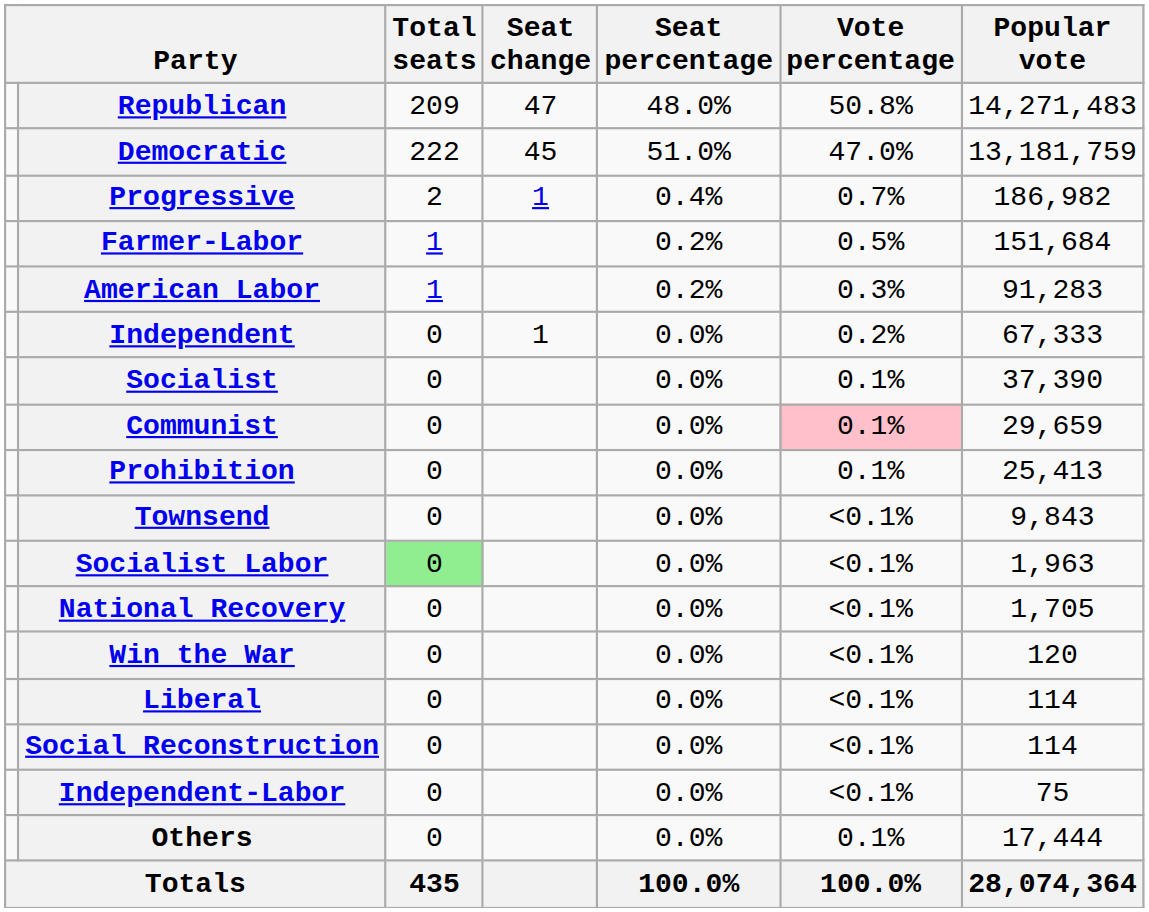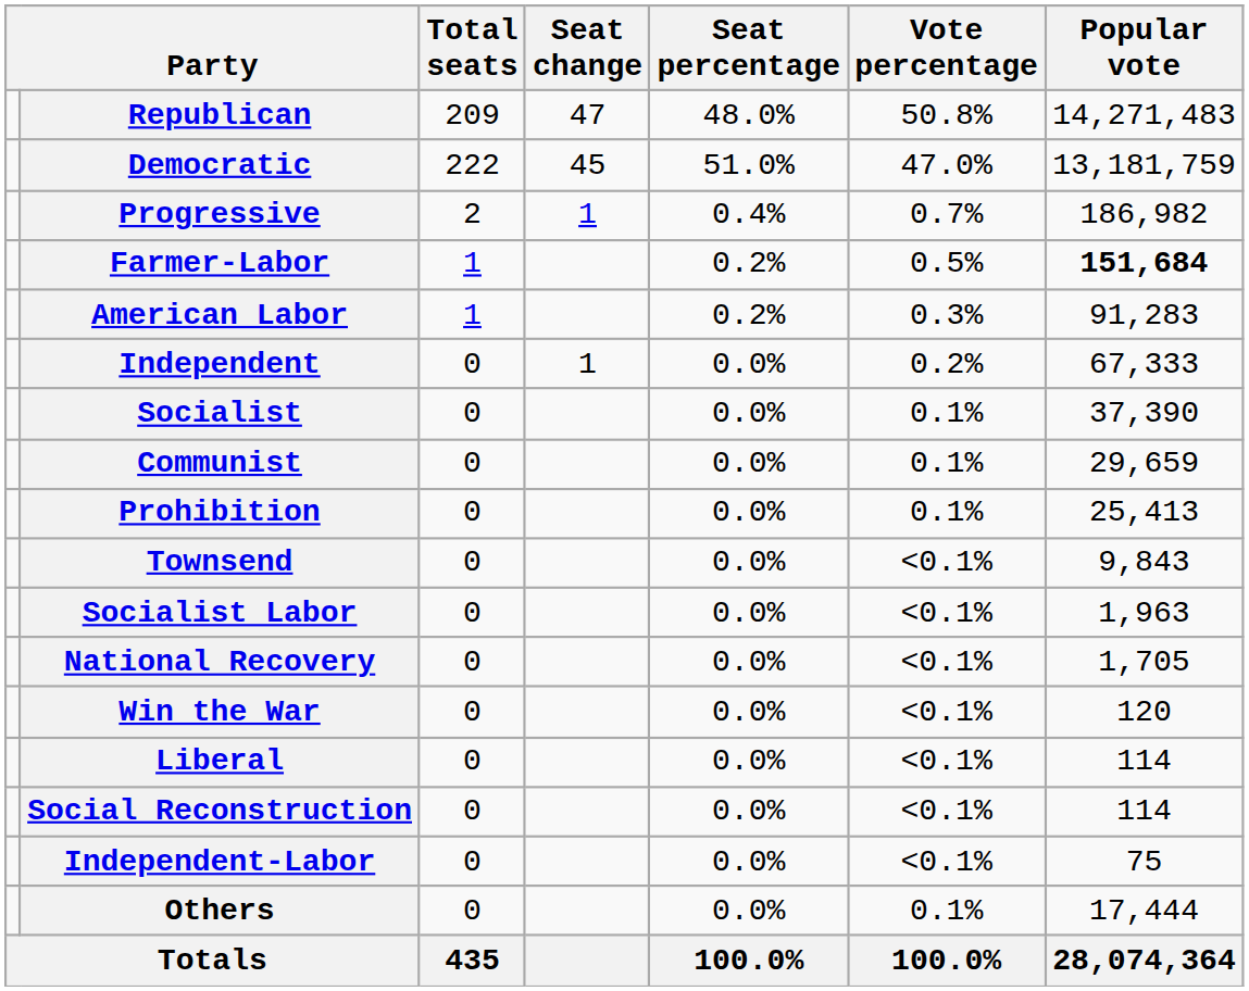 <table class="wikitable" style="text-align:center">
 <tr valign=bottom>
 <th colspan=2>Party</th>
 <th>Total<br>seats</th>
 <th>Seat<br>change</th>
 <th>Seat<br>percentage</th>
 <th>Vote<br>percentage</th>
 <th>Popular<br>vote</th>
 </tr>
 <tr>
 <td></td>
 <th><a href='#'>Republican</a></th>
 <td>209</td>
 <td> 47</td>
 <td>48.0%</td>
 <td>50.8%</td>
 <td>14,271,483</td>
 </tr>
 <tr>
 <td></td>
 <th><a href='#'>Democratic</a></th>
 <td>222</td>
 <td> 45</td>
 <td>51.0%</td>
 <td>47.0%</td>
 <td>13,181,759</td>
 </tr>
 <tr>
 <td></td>
 <th><a href='#'>Progressive</a></th>
 <td>2</td>
 <td> <a href='#'>1</a></td>
 <td>0.4%</td>
 <td>0.7%</td>
 <td>186,982</td>
 </tr>
 <tr>
 <td></td>
 <th><a href='#'>Farmer-Labor</a></th>
 <td><a href='#'>1</a></td>
 <td></td>
 <td>0.2%</td>
 <td>0.5%</td>
-<td>151,684</td>
+<td><strong>151,684</strong></td>
 </tr>
 <tr>
 <td></td>
 <th><a href='#'>American Labor</a></th>
 <td><a href='#'>1</a></td>
 <td></td>
 <td>0.2%</td>
 <td>0.3%</td>
 <td>91,283</td>
 </tr>
 <tr>
 <td></td>
 <th><a href='#'>Independent</a></th>
 <td>0</td>
 <td> 1</td>
 <td>0.0%</td>
 <td>0.2%</td>
 <td>67,333</td>
 </tr>
 <tr>
 <td></td>
 <th><a href='#'>Socialist</a></th>
 <td>0</td>
 <td></td>
 <td>0.0%</td>
 <td>0.1%</td>
 <td>37,390</td>
 </tr>
 <tr>
 <td></td>
 <th><a href='#'>Communist</a></th>
 <td>0</td>
 <td></td>
 <td>0.0%</td>
-<td style="background: pink;">0.1%</td>
+<td>0.1%</td>
 <td>29,659</td>
 </tr>
 <tr>
 <td></td>
 <th><a href='#'>Prohibition</a></th>
 <td>0</td>
 <td></td>
 <td>0.0%</td>
 <td>0.1%</td>
 <td>25,413</td>
 </tr>
 <tr>
 <td></td>
 <th><a href='#'>Townsend</a></th>
 <td>0</td>
 <td></td>
 <td>0.0%</td>
 <td><0.1%</td>
 <td>9,843</td>
 </tr>
 <tr>
 <td></td>
 <th><a href='#'>Socialist Labor</a></th>
-<td style="background: lightgreen;">0</td>
+<td>0</td>
 <td></td>
 <td>0.0%</td>
 <td><0.1%</td>
 <td>1,963</td>
 </tr>
 <tr>
 <td></td>
 <th><a href='#'>National Recovery</a></th>
 <td>0</td>
 <td></td>
 <td>0.0%</td>
 <td><0.1%</td>
 <td>1,705</td>
 </tr>
 <tr>
 <td></td>
 <th><a href='#'>Win the War</a></th>
 <td>0</td>
 <td></td>
 <td>0.0%</td>
 <td><0.1%</td>
 <td>120</td>
 </tr>
 <tr>
 <td></td>
 <th><a href='#'>Liberal</a></th>
 <td>0</td>
 <td></td>
 <td>0.0%</td>
 <td><0.1%</td>
 <td>114</td>
 </tr>
 <tr>
 <td></td>
 <th><a href='#'>Social Reconstruction</a></th>
 <td>0</td>
 <td></td>
 <td>0.0%</td>
 <td><0.1%</td>
 <td>114</td>
 </tr>
 <tr>
 <td></td>
 <th><a href='#'>Independent-Labor</a></th>
 <td>0</td>
 <td></td>
 <td>0.0%</td>
 <td><0.1%</td>
 <td>75</td>
 </tr>
 <tr>
 <td></td>
 <th>Others</th>
 <td>0</td>
 <td></td>
 <td>0.0%</td>
 <td>0.1%</td>
 <td>17,444</td>
 </tr>
 <tr>
 <th colspan=2>Totals</th>
 <th>435</th>
 <th></th>
 <th>100.0%</th>
 <th>100.0%</th>
 <th>28,074,364</th>
 </tr>
 </table>
